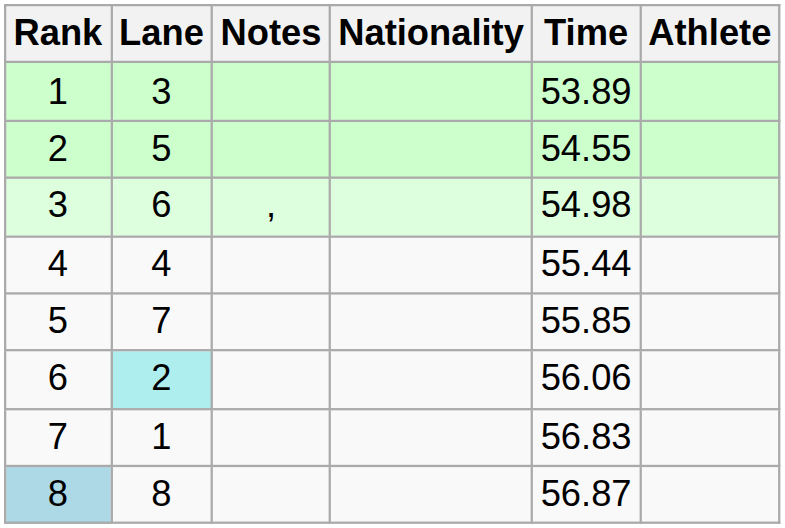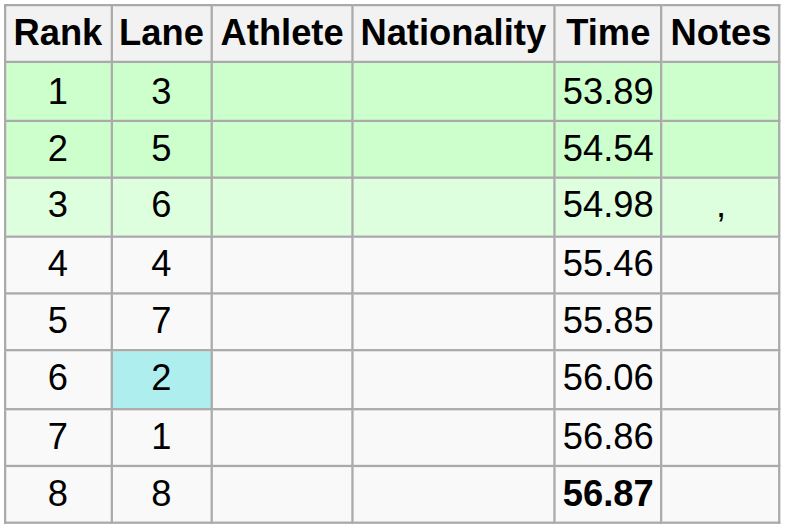 <table class="wikitable sortable" style="text-align:center">
 <tr>
 <th>Rank</th>
 <th>Lane</th>
-<th class=unsortable>Notes</th>
+<th>Athlete</th>
 <th>Nationality</th>
 <th>Time</th>
-<th>Athlete</th>
+<th class=unsortable>Notes</th>
 </tr>
 <tr bgcolor=ccffcc>
 <td>1</td>
 <td>3</td>
-<td></td>
+<td align=left></td>
 <td align=left></td>
 <td>53.89</td>
-<td align=left></td>
+<td></td>
 </tr>
 <tr bgcolor=ccffcc>
 <td>2</td>
 <td>5</td>
+<td align=left></td>
+<td align=left></td>
+<td>54.54</td>
 <td></td>
-<td align=left></td>
-<td>54.55</td>
-<td align=left></td>
 </tr>
 <tr bgcolor=ddffdd>
 <td>3</td>
 <td>6</td>
-<td>, </td>
+<td align=left></td>
 <td align=left></td>
 <td>54.98</td>
-<td align=left></td>
+<td>, </td>
 </tr>
 <tr>
 <td>4</td>
 <td>4</td>
+<td align=left></td>
+<td align=left></td>
+<td>55.46</td>
 <td></td>
-<td align=left></td>
-<td>55.44</td>
-<td align=left></td>
 </tr>
 <tr>
 <td>5</td>
 <td>7</td>
-<td></td>
+<td align=left></td>
 <td align=left></td>
 <td>55.85</td>
-<td align=left></td>
+<td></td>
 </tr>
 <tr>
 <td>6</td>
 <td style="background: paleturquoise;">2</td>
-<td></td>
+<td align=left></td>
 <td align=left></td>
 <td>56.06</td>
-<td align=left></td>
+<td></td>
 </tr>
 <tr>
 <td>7</td>
 <td>1</td>
+<td align=left></td>
+<td align=left></td>
+<td>56.86</td>
 <td></td>
-<td align=left></td>
-<td>56.83</td>
-<td align=left></td>
 </tr>
 <tr>
-<td style="background: lightblue;">8</td>
 <td>8</td>
+<td>8</td>
+<td align=left></td>
+<td align=left></td>
+<td><strong>56.87</strong></td>
 <td></td>
-<td align=left></td>
-<td>56.87</td>
-<td align=left></td>
 </tr>
 </table>
